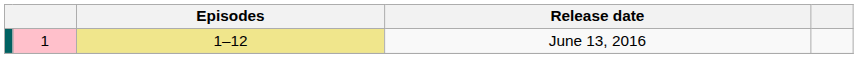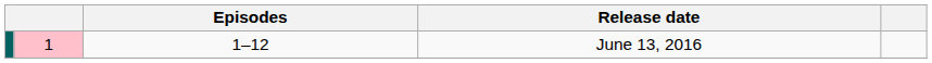 <table class="wikitable" style="text-align: center; width: 70%;">
 <tr>
 <th colspan="2"></th>
 <th>Episodes</th>
 <th>Release date</th>
 <th width="5%"></th>
 </tr>
 <tr>
 <td rowspan="1" width="1%" style="background: #006161;"></td>
 <td style="background: pink;">1</td>
-<td style="background: khaki;">1–12</td>
+<td>1–12</td>
 <td>June 13, 2016</td>
 <td></td>
 </tr>
 <tr>
 </tr>
 </table>
